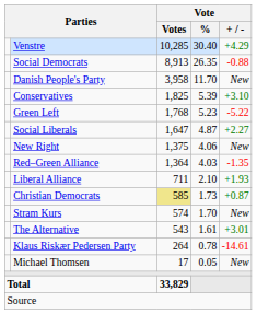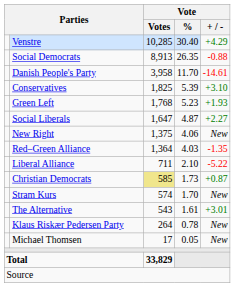 <table class="wikitable" style="text-align:right;">
 <tr>
 <th style="text-align:centre;" rowspan="2" colspan="2" width="225">Parties</th>
 <th colspan="3">Vote</th>
 </tr>
 <tr>
 <th width="15">Votes</th>
 <th width="15">%</th>
 <th width="15">+ / -</th>
 </tr>
 <tr>
 <td width="2" style="color:inherit;background:"></td>
 <td bgcolor=#cfe5fe  align="left"><a href='#'>Venstre</a></td>
 <td bgcolor=#cfe5fe>10,285</td>
 <td bgcolor=#cfe5fe>30.40</td>
 <td style=color:green;>+4.29</td>
 </tr>
 <tr>
 <td width="2" style="color:inherit;background:"></td>
 <td align="left"><a href='#'>Social Democrats</a></td>
 <td>8,913</td>
 <td>26.35</td>
 <td style=color:red;>-0.88</td>
 </tr>
 <tr>
 <td width="2" style="color:inherit;background:"></td>
 <td align="left"><a href='#'>Danish People's Party</a></td>
 <td>3,958</td>
 <td>11.70</td>
-<td><em>New</em></td>
+<td style=color:red;>-14.61</td>
 </tr>
 <tr>
 <td width="2" style="color:inherit;background:"></td>
 <td align="left"><a href='#'>Conservatives</a></td>
 <td>1,825</td>
 <td>5.39</td>
 <td style=color:green;>+3.10</td>
 </tr>
 <tr>
 <td width="2" style="color:inherit;background:"></td>
 <td align="left"><a href='#'>Green Left</a></td>
 <td>1,768</td>
 <td>5.23</td>
-<td style=color:red;>-5.22</td>
+<td style=color:green;>+1.93</td>
 </tr>
 <tr>
 <td width="2" style="color:inherit;background:"></td>
 <td align="left"><a href='#'>Social Liberals</a></td>
 <td>1,647</td>
 <td>4.87</td>
 <td style=color:green;>+2.27</td>
 </tr>
 <tr>
 <td width="2" style="color:inherit;background:"></td>
 <td align="left"><a href='#'>New Right</a></td>
 <td>1,375</td>
 <td>4.06</td>
 <td><em>New</em></td>
 </tr>
 <tr>
 <td width="2" style="color:inherit;background:"></td>
 <td align="left"><a href='#'>Red–Green Alliance</a></td>
 <td>1,364</td>
 <td>4.03</td>
 <td style=color:red;>-1.35</td>
 </tr>
 <tr>
 <td width="2" style="color:inherit;background:"></td>
 <td align="left"><a href='#'>Liberal Alliance</a></td>
 <td>711</td>
 <td>2.10</td>
-<td style=color:green;>+1.93</td>
+<td style=color:red;>-5.22</td>
 </tr>
 <tr>
 <td width="2" style="color:inherit;background:"></td>
 <td align="left"><a href='#'>Christian Democrats</a></td>
 <td style="background: khaki;">585</td>
 <td>1.73</td>
 <td style=color:green;>+0.87</td>
 </tr>
 <tr>
 <td width="2" style="color:inherit;background:"></td>
 <td align="left"><a href='#'>Stram Kurs</a></td>
 <td>574</td>
 <td>1.70</td>
 <td><em>New</em></td>
 </tr>
 <tr>
 <td width="2" style="color:inherit;background:"></td>
 <td align="left"><a href='#'>The Alternative</a></td>
 <td>543</td>
 <td>1.61</td>
 <td style=color:green;>+3.01</td>
 </tr>
 <tr>
 <td width="2" style="color:inherit;background:"></td>
 <td align="left"><a href='#'>Klaus Riskær Pedersen Party</a></td>
 <td>264</td>
 <td>0.78</td>
-<td style=color:red;>-14.61</td>
+<td><em>New</em></td>
 </tr>
 <tr>
 <td width="2" style="color:inherit;background:"></td>
 <td align="left">Michael Thomsen</td>
 <td>17</td>
 <td>0.05</td>
 <td><em>New</em></td>
 </tr>
 <tr>
 <td colspan="7" bgcolor="#E9E9E9"></td>
 </tr>
 <tr>
 <td align="left" colspan="2"><strong>Total</strong></td>
 <td><strong>33,829</strong></td>
 <td bgcolor="#E9E9E9" colspan="2"></td>
 </tr>
 <tr>
 <td align="left" colspan="6">Source</td>
 </tr>
 </table>
